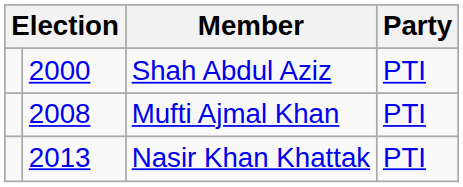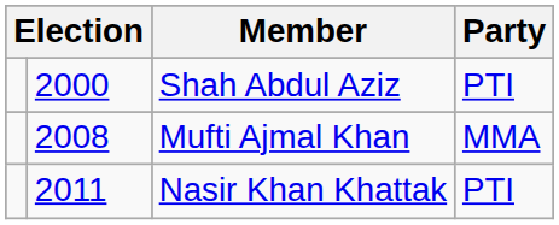 <table class="wikitable">
 <tr>
 <th colspan="2">Election</th>
 <th>Member</th>
 <th>Party</th>
 </tr>
 <tr>
 <td style="background-color: "></td>
 <td><a href='#'>2000</a></td>
 <td><a href='#'>Shah Abdul Aziz</a></td>
 <td><a href='#'>PTI</a></td>
 </tr>
 <tr>
 <td style="background-color: "></td>
 <td><a href='#'>2008</a></td>
 <td><a href='#'>Mufti Ajmal Khan</a></td>
-<td><a href='#'>PTI</a></td>
+<td><a href='#'>MMA</a></td>
 </tr>
 <tr>
 <td style="background-color: "></td>
-<td><a href='#'>2013</a></td>
+<td><a href='#'>2011</a></td>
 <td><a href='#'>Nasir Khan Khattak</a></td>
 <td><a href='#'>PTI</a></td>
 </tr>
 </table>
